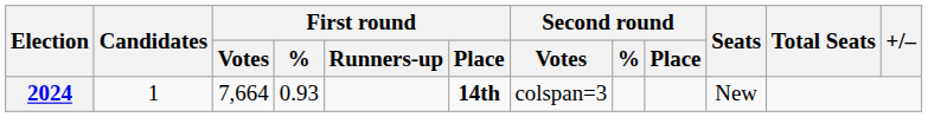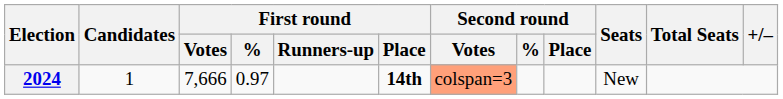 <table class="wikitable" style="text-align: center;">
 <tr>
 <th rowspan=2>Election</th>
 <th rowspan=2>Candidates</th>
 <th colspan=4>First round</th>
 <th colspan=3>Second round</th>
 <th rowspan=2>Seats</th>
 <th rowspan=2>Total Seats</th>
 <th rowspan=2>+/–</th>
 </tr>
 <tr>
 <th>Votes</th>
 <th>%</th>
 <th>Runners-up</th>
 <th>Place</th>
 <th>Votes</th>
 <th>%</th>
 <th>Place</th>
 </tr>
 <tr>
 <th><a href='#'>2024</a></th>
 <td>1</td>
-<td>7,664</td>
-<td>0.93</td>
+<td>7,666</td>
+<td>0.97</td>
 <td></td>
 <td><strong>14th</strong></td>
-<td>colspan=3 </td>
+<td style="background: lightsalmon;">colspan=3 </td>
 <td></td>
 <td></td>
 <td>New</td>
 </tr>
 </table>
